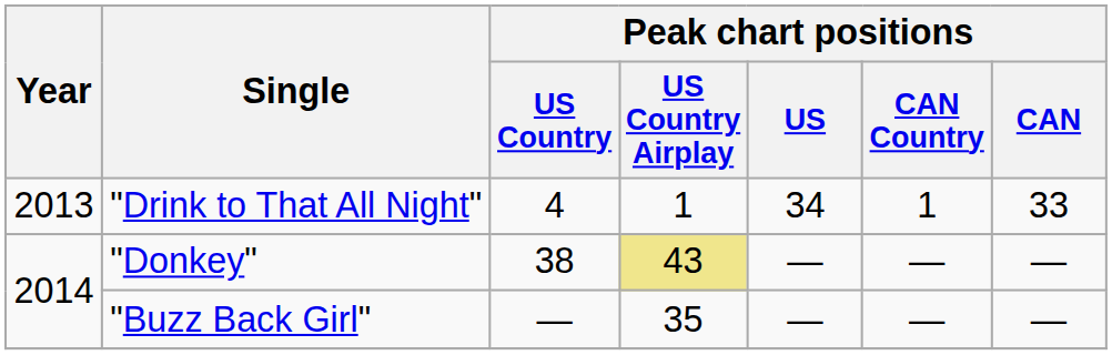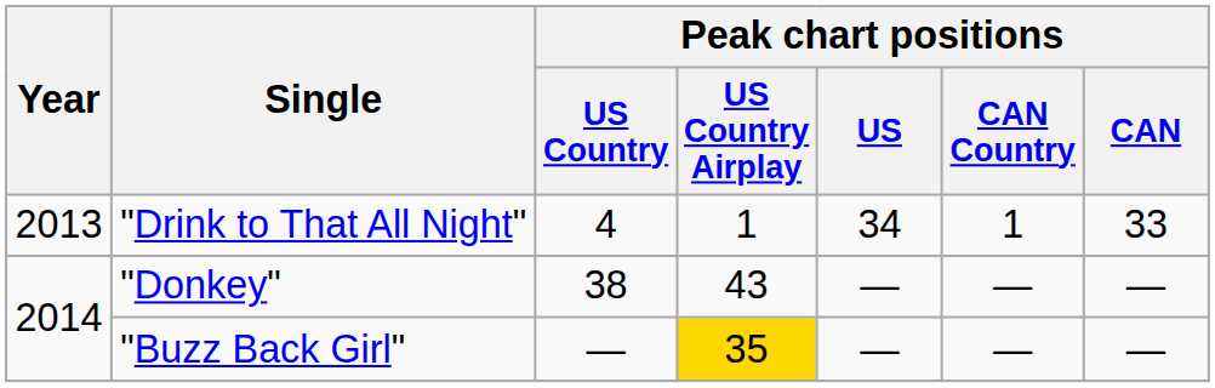 <table class="wikitable" style="text-align:center;">
 <tr>
 <th rowspan="2">Year</th>
 <th rowspan="2">Single</th>
 <th colspan="5">Peak chart positions</th>
 </tr>
 <tr style="font-size:smaller;">
 <th width="45"><a href='#'>US Country</a><br></th>
 <th width="45"><a href='#'>US Country Airplay</a><br></th>
 <th width="45"><a href='#'>US</a><br></th>
 <th width="45"><a href='#'>CAN Country</a><br></th>
 <th width="45"><a href='#'>CAN</a><br></th>
 </tr>
 <tr>
 <td>2013</td>
 <td align="left">"<a href='#'>Drink to That All Night</a>"</td>
 <td>4</td>
 <td>1</td>
 <td>34</td>
 <td>1</td>
 <td>33</td>
 </tr>
 <tr>
 <td rowspan="2">2014</td>
 <td align="left">"<a href='#'>Donkey</a>"</td>
 <td>38</td>
-<td style="background: khaki;">43</td>
+<td>43</td>
 <td>—</td>
 <td>—</td>
 <td>—</td>
 </tr>
 <tr>
 <td align="left">"<a href='#'>Buzz Back Girl</a>"</td>
 <td>—</td>
-<td>35</td>
+<td style="background: gold;">35</td>
 <td>—</td>
 <td>—</td>
 <td>—</td>
 </tr>
 <tr>
 </tr>
 </table>
